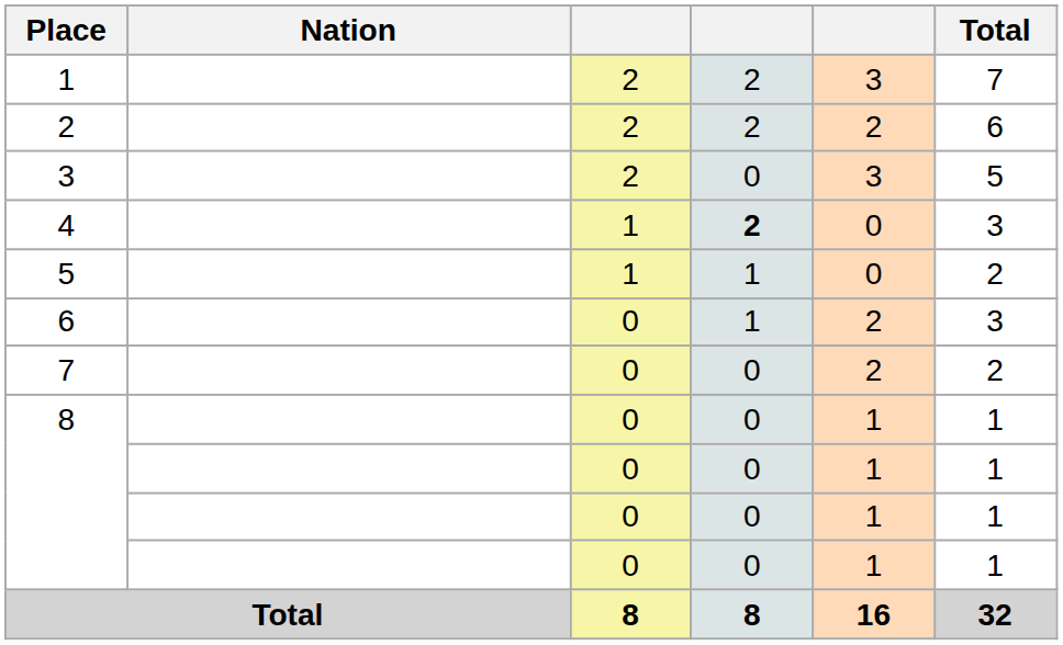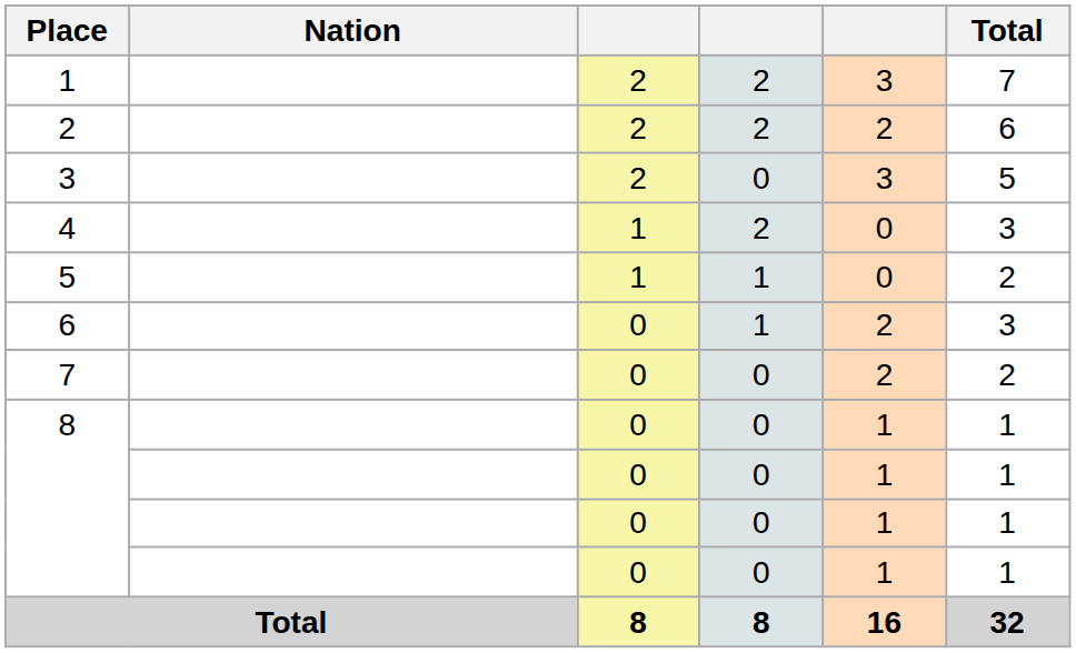 <table class=wikitable style="border:1px solid #AAAAAA;font-size:90%">
 <tr bgcolor="#EFEFEF">
 <th width=50>Place</th>
 <th width=200>Nation</th>
 <th width=50></th>
 <th width=50></th>
 <th width=50></th>
 <th width=50>Total</th>
 </tr>
 <tr align="center" valign="top" bgcolor="#FFFFFF">
 <td>1</td>
 <td align="left"></td>
 <td style="background:#F7F6A8;">2</td>
 <td style="background:#DCE5E5;">2</td>
 <td style="background:#FFDAB9;">3</td>
 <td>7</td>
 </tr>
 <tr align="center" valign="top" bgcolor="#FFFFFF">
 <td>2</td>
 <td align="left"></td>
 <td style="background:#F7F6A8;">2</td>
 <td style="background:#DCE5E5;">2</td>
 <td style="background:#FFDAB9;">2</td>
 <td>6</td>
 </tr>
 <tr align="center" valign="top" bgcolor="#FFFFFF">
 <td>3</td>
 <td align="left"></td>
 <td style="background:#F7F6A8;">2</td>
 <td style="background:#DCE5E5;">0</td>
 <td style="background:#FFDAB9;">3</td>
 <td>5</td>
 </tr>
 <tr align="center" valign="top" bgcolor="#FFFFFF">
 <td>4</td>
 <td align="left"></td>
 <td style="background:#F7F6A8;">1</td>
-<td style="background:#DCE5E5;"><strong>2</strong></td>
+<td style="background:#DCE5E5;">2</td>
 <td style="background:#FFDAB9;">0</td>
 <td>3</td>
 </tr>
 <tr align="center" valign="top" bgcolor="#FFFFFF">
 <td>5</td>
 <td align="left"></td>
 <td style="background:#F7F6A8;">1</td>
 <td style="background:#DCE5E5;">1</td>
 <td style="background:#FFDAB9;">0</td>
 <td>2</td>
 </tr>
 <tr align="center" valign="top" bgcolor="#FFFFFF">
 <td>6</td>
 <td align="left"></td>
 <td style="background:#F7F6A8;">0</td>
 <td style="background:#DCE5E5;">1</td>
 <td style="background:#FFDAB9;">2</td>
 <td>3</td>
 </tr>
 <tr align="center" valign="top" bgcolor="#FFFFFF">
 <td>7</td>
 <td align="left"></td>
 <td style="background:#F7F6A8;">0</td>
 <td style="background:#DCE5E5;">0</td>
 <td style="background:#FFDAB9;">2</td>
 <td>2</td>
 </tr>
 <tr align="center" valign="top" bgcolor="#FFFFFF">
 <td rowspan="4" valign="center">8</td>
 <td align="left"></td>
 <td style="background:#F7F6A8;">0</td>
 <td style="background:#DCE5E5;">0</td>
 <td style="background:#FFDAB9;">1</td>
 <td>1</td>
 </tr>
 <tr align="center" valign="top" bgcolor="#FFFFFF">
 <td align="left"></td>
 <td style="background:#F7F6A8;">0</td>
 <td style="background:#DCE5E5;">0</td>
 <td style="background:#FFDAB9;">1</td>
 <td>1</td>
 </tr>
 <tr align="center" valign="top" bgcolor="#FFFFFF">
 <td align="left"></td>
 <td style="background:#F7F6A8;">0</td>
 <td style="background:#DCE5E5;">0</td>
 <td style="background:#FFDAB9;">1</td>
 <td>1</td>
 </tr>
 <tr align="center" valign="top" bgcolor="#FFFFFF">
 <td align="left"></td>
 <td style="background:#F7F6A8;">0</td>
 <td style="background:#DCE5E5;">0</td>
 <td style="background:#FFDAB9;">1</td>
 <td>1</td>
 </tr>
 <tr align="center">
 <td colspan="2" bgcolor=D3D3D3><strong>Total</strong></td>
 <td style="background:#F7F6A8;"><strong>8</strong></td>
 <td style="background:#DCE5E5;"><strong>8</strong></td>
 <td style="background:#FFDAB9;"><strong>16</strong></td>
 <td bgcolor=D3D3D3><strong>32</strong></td>
 </tr>
 </table>
